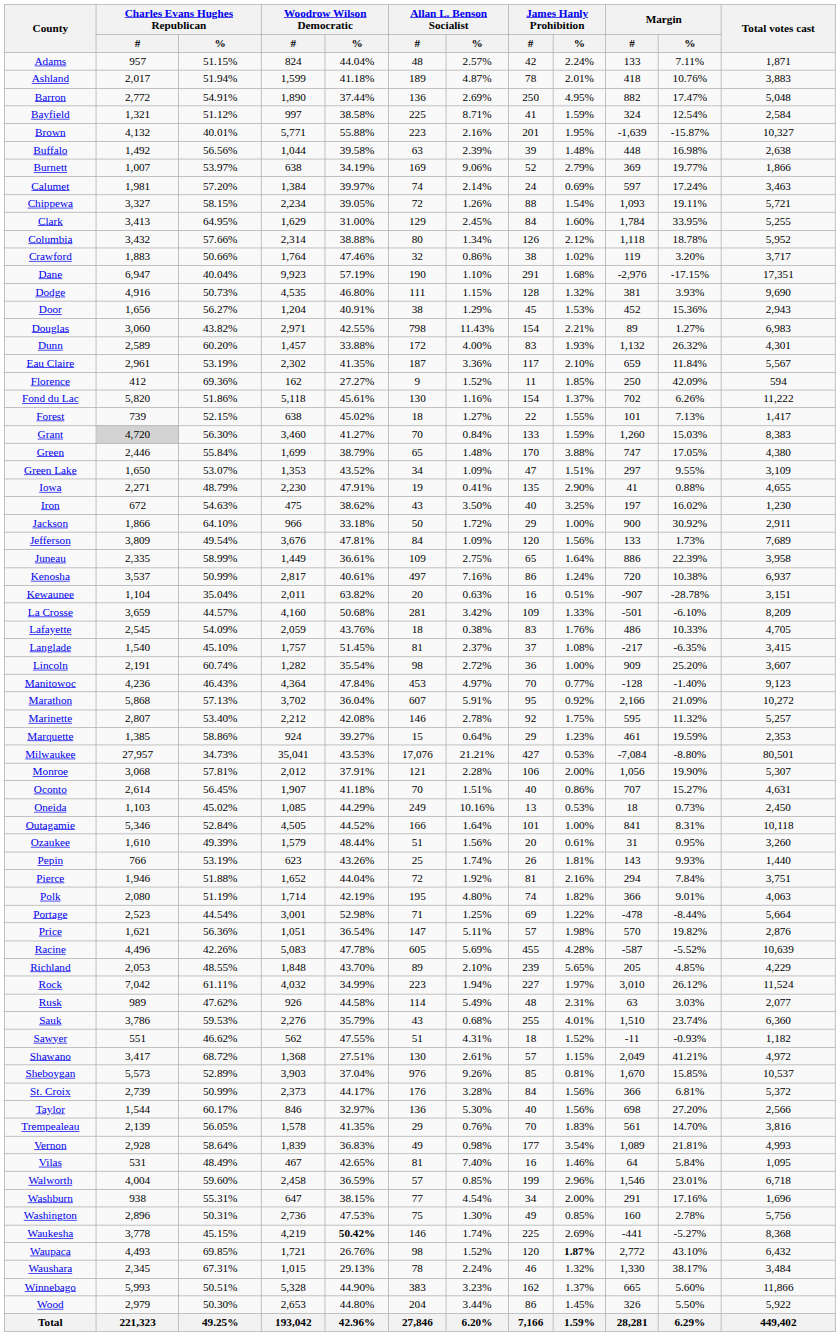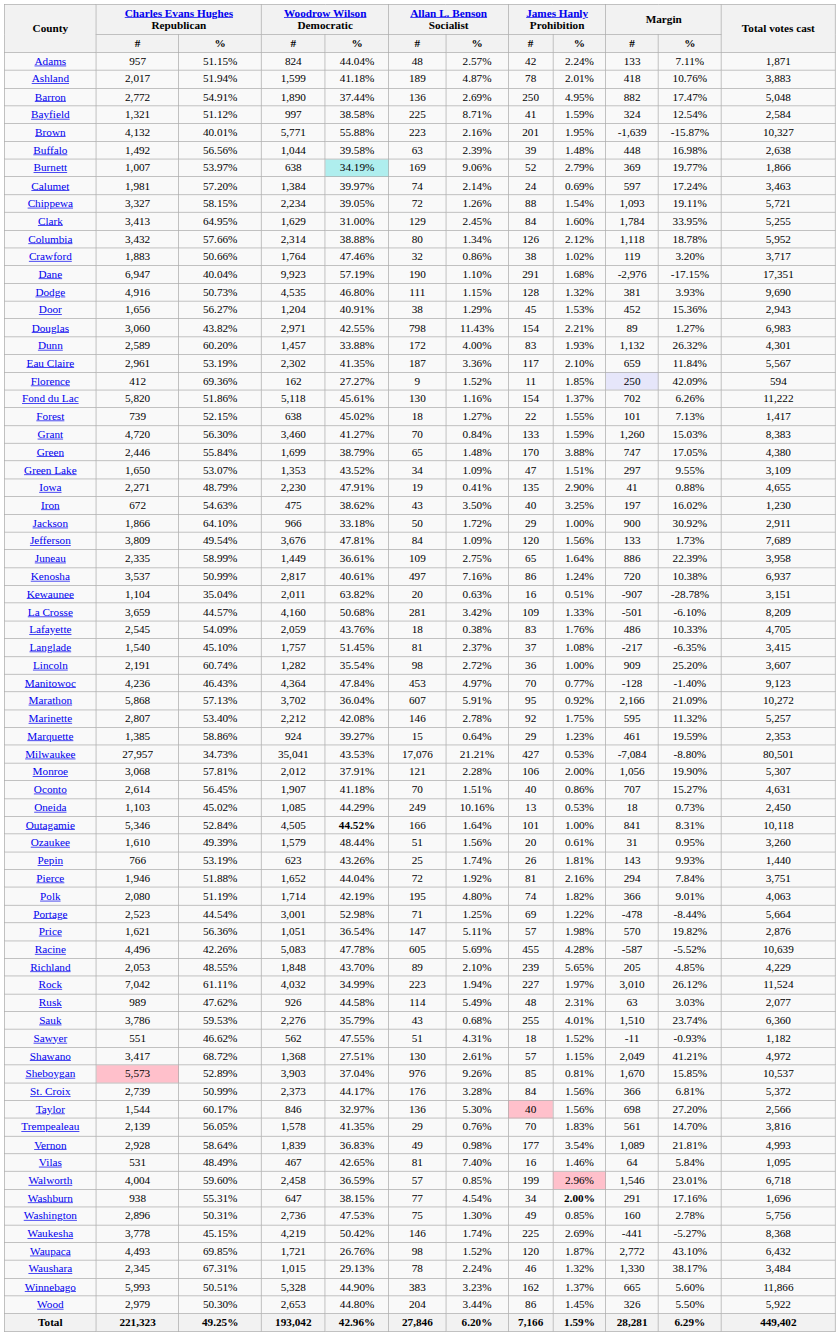 <table width="75%" class="wikitable sortable" style="text-align:center">
 <tr>
 <th rowspan="2" style="text-align:center;">County</th>
 <th colspan="2" style="text-align:center;"><a href='#'>Charles Evans Hughes</a><br>Republican</th>
 <th colspan="2" style="text-align:center;"><a href='#'>Woodrow Wilson</a><br>Democratic</th>
 <th colspan="2" style="text-align:center;"><a href='#'>Allan L. Benson</a><br>Socialist</th>
 <th colspan="2" style="text-align:center;"><a href='#'>James Hanly</a><br>Prohibition</th>
 <th colspan="2" style="text-align:center;">Margin</th>
 <th rowspan="2" style="text-align:center;">Total votes cast</th>
 </tr>
 <tr>
 <th style="text-align:center;" data-sort-type="number">#</th>
 <th style="text-align:center;" data-sort-type="number">%</th>
 <th style="text-align:center;" data-sort-type="number">#</th>
 <th style="text-align:center;" data-sort-type="number">%</th>
 <th style="text-align:center;" data-sort-type="number">#</th>
 <th style="text-align:center;" data-sort-type="number">%</th>
 <th style="text-align:center;" data-sort-type="number">#</th>
 <th style="text-align:center;" data-sort-type="number">%</th>
 <th style="text-align:center;" data-sort-type="number">#</th>
 <th style="text-align:center;" data-sort-type="number">%</th>
 </tr>
 <tr style="text-align:center;">
 <td><a href='#'>Adams</a></td>
 <td>957</td>
 <td>51.15%</td>
 <td>824</td>
 <td>44.04%</td>
 <td>48</td>
 <td>2.57%</td>
 <td>42</td>
 <td>2.24%</td>
 <td>133</td>
 <td>7.11%</td>
 <td>1,871</td>
 </tr>
 <tr style="text-align:center;">
 <td><a href='#'>Ashland</a></td>
 <td>2,017</td>
 <td>51.94%</td>
 <td>1,599</td>
 <td>41.18%</td>
 <td>189</td>
 <td>4.87%</td>
 <td>78</td>
 <td>2.01%</td>
 <td>418</td>
 <td>10.76%</td>
 <td>3,883</td>
 </tr>
 <tr style="text-align:center;">
 <td><a href='#'>Barron</a></td>
 <td>2,772</td>
 <td>54.91%</td>
 <td>1,890</td>
 <td>37.44%</td>
 <td>136</td>
 <td>2.69%</td>
 <td>250</td>
 <td>4.95%</td>
 <td>882</td>
 <td>17.47%</td>
 <td>5,048</td>
 </tr>
 <tr style="text-align:center;">
 <td><a href='#'>Bayfield</a></td>
 <td>1,321</td>
 <td>51.12%</td>
 <td>997</td>
 <td>38.58%</td>
 <td>225</td>
 <td>8.71%</td>
 <td>41</td>
 <td>1.59%</td>
 <td>324</td>
 <td>12.54%</td>
 <td>2,584</td>
 </tr>
 <tr style="text-align:center;">
 <td><a href='#'>Brown</a></td>
 <td>4,132</td>
 <td>40.01%</td>
 <td>5,771</td>
 <td>55.88%</td>
 <td>223</td>
 <td>2.16%</td>
 <td>201</td>
 <td>1.95%</td>
 <td>-1,639</td>
 <td>-15.87%</td>
 <td>10,327</td>
 </tr>
 <tr style="text-align:center;">
 <td><a href='#'>Buffalo</a></td>
 <td>1,492</td>
 <td>56.56%</td>
 <td>1,044</td>
 <td>39.58%</td>
 <td>63</td>
 <td>2.39%</td>
 <td>39</td>
 <td>1.48%</td>
 <td>448</td>
 <td>16.98%</td>
 <td>2,638</td>
 </tr>
 <tr style="text-align:center;">
 <td><a href='#'>Burnett</a></td>
 <td>1,007</td>
 <td>53.97%</td>
 <td>638</td>
-<td>34.19%</td>
+<td style="background: paleturquoise;">34.19%</td>
 <td>169</td>
 <td>9.06%</td>
 <td>52</td>
 <td>2.79%</td>
 <td>369</td>
 <td>19.77%</td>
 <td>1,866</td>
 </tr>
 <tr style="text-align:center;">
 <td><a href='#'>Calumet</a></td>
 <td>1,981</td>
 <td>57.20%</td>
 <td>1,384</td>
 <td>39.97%</td>
 <td>74</td>
 <td>2.14%</td>
 <td>24</td>
 <td>0.69%</td>
 <td>597</td>
 <td>17.24%</td>
 <td>3,463</td>
 </tr>
 <tr style="text-align:center;">
 <td><a href='#'>Chippewa</a></td>
 <td>3,327</td>
 <td>58.15%</td>
 <td>2,234</td>
 <td>39.05%</td>
 <td>72</td>
 <td>1.26%</td>
 <td>88</td>
 <td>1.54%</td>
 <td>1,093</td>
 <td>19.11%</td>
 <td>5,721</td>
 </tr>
 <tr style="text-align:center;">
 <td><a href='#'>Clark</a></td>
 <td>3,413</td>
 <td>64.95%</td>
 <td>1,629</td>
 <td>31.00%</td>
 <td>129</td>
 <td>2.45%</td>
 <td>84</td>
 <td>1.60%</td>
 <td>1,784</td>
 <td>33.95%</td>
 <td>5,255</td>
 </tr>
 <tr style="text-align:center;">
 <td><a href='#'>Columbia</a></td>
 <td>3,432</td>
 <td>57.66%</td>
 <td>2,314</td>
 <td>38.88%</td>
 <td>80</td>
 <td>1.34%</td>
 <td>126</td>
 <td>2.12%</td>
 <td>1,118</td>
 <td>18.78%</td>
 <td>5,952</td>
 </tr>
 <tr style="text-align:center;">
 <td><a href='#'>Crawford</a></td>
 <td>1,883</td>
 <td>50.66%</td>
 <td>1,764</td>
 <td>47.46%</td>
 <td>32</td>
 <td>0.86%</td>
 <td>38</td>
 <td>1.02%</td>
 <td>119</td>
 <td>3.20%</td>
 <td>3,717</td>
 </tr>
 <tr style="text-align:center;">
 <td><a href='#'>Dane</a></td>
 <td>6,947</td>
 <td>40.04%</td>
 <td>9,923</td>
 <td>57.19%</td>
 <td>190</td>
 <td>1.10%</td>
 <td>291</td>
 <td>1.68%</td>
 <td>-2,976</td>
 <td>-17.15%</td>
 <td>17,351</td>
 </tr>
 <tr style="text-align:center;">
 <td><a href='#'>Dodge</a></td>
 <td>4,916</td>
 <td>50.73%</td>
 <td>4,535</td>
 <td>46.80%</td>
 <td>111</td>
 <td>1.15%</td>
 <td>128</td>
 <td>1.32%</td>
 <td>381</td>
 <td>3.93%</td>
 <td>9,690</td>
 </tr>
 <tr style="text-align:center;">
 <td><a href='#'>Door</a></td>
 <td>1,656</td>
 <td>56.27%</td>
 <td>1,204</td>
 <td>40.91%</td>
 <td>38</td>
 <td>1.29%</td>
 <td>45</td>
 <td>1.53%</td>
 <td>452</td>
 <td>15.36%</td>
 <td>2,943</td>
 </tr>
 <tr style="text-align:center;">
 <td><a href='#'>Douglas</a></td>
 <td>3,060</td>
 <td>43.82%</td>
 <td>2,971</td>
 <td>42.55%</td>
 <td>798</td>
 <td>11.43%</td>
 <td>154</td>
 <td>2.21%</td>
 <td>89</td>
 <td>1.27%</td>
 <td>6,983</td>
 </tr>
 <tr style="text-align:center;">
 <td><a href='#'>Dunn</a></td>
 <td>2,589</td>
 <td>60.20%</td>
 <td>1,457</td>
 <td>33.88%</td>
 <td>172</td>
 <td>4.00%</td>
 <td>83</td>
 <td>1.93%</td>
 <td>1,132</td>
 <td>26.32%</td>
 <td>4,301</td>
 </tr>
 <tr style="text-align:center;">
 <td><a href='#'>Eau Claire</a></td>
 <td>2,961</td>
 <td>53.19%</td>
 <td>2,302</td>
 <td>41.35%</td>
 <td>187</td>
 <td>3.36%</td>
 <td>117</td>
 <td>2.10%</td>
 <td>659</td>
 <td>11.84%</td>
 <td>5,567</td>
 </tr>
 <tr style="text-align:center;">
 <td><a href='#'>Florence</a></td>
 <td>412</td>
 <td>69.36%</td>
 <td>162</td>
 <td>27.27%</td>
 <td>9</td>
 <td>1.52%</td>
 <td>11</td>
 <td>1.85%</td>
-<td>250</td>
+<td style="background: lavender;">250</td>
 <td>42.09%</td>
 <td>594</td>
 </tr>
 <tr style="text-align:center;">
 <td><a href='#'>Fond du Lac</a></td>
 <td>5,820</td>
 <td>51.86%</td>
 <td>5,118</td>
 <td>45.61%</td>
 <td>130</td>
 <td>1.16%</td>
 <td>154</td>
 <td>1.37%</td>
 <td>702</td>
 <td>6.26%</td>
 <td>11,222</td>
 </tr>
 <tr style="text-align:center;">
 <td><a href='#'>Forest</a></td>
 <td>739</td>
 <td>52.15%</td>
 <td>638</td>
 <td>45.02%</td>
 <td>18</td>
 <td>1.27%</td>
 <td>22</td>
 <td>1.55%</td>
 <td>101</td>
 <td>7.13%</td>
 <td>1,417</td>
 </tr>
 <tr style="text-align:center;">
 <td><a href='#'>Grant</a></td>
-<td style="background: lightgrey;">4,720</td>
+<td>4,720</td>
 <td>56.30%</td>
 <td>3,460</td>
 <td>41.27%</td>
 <td>70</td>
 <td>0.84%</td>
 <td>133</td>
 <td>1.59%</td>
 <td>1,260</td>
 <td>15.03%</td>
 <td>8,383</td>
 </tr>
 <tr style="text-align:center;">
 <td><a href='#'>Green</a></td>
 <td>2,446</td>
 <td>55.84%</td>
 <td>1,699</td>
 <td>38.79%</td>
 <td>65</td>
 <td>1.48%</td>
 <td>170</td>
 <td>3.88%</td>
 <td>747</td>
 <td>17.05%</td>
 <td>4,380</td>
 </tr>
 <tr style="text-align:center;">
 <td><a href='#'>Green Lake</a></td>
 <td>1,650</td>
 <td>53.07%</td>
 <td>1,353</td>
 <td>43.52%</td>
 <td>34</td>
 <td>1.09%</td>
 <td>47</td>
 <td>1.51%</td>
 <td>297</td>
 <td>9.55%</td>
 <td>3,109</td>
 </tr>
 <tr style="text-align:center;">
 <td><a href='#'>Iowa</a></td>
 <td>2,271</td>
 <td>48.79%</td>
 <td>2,230</td>
 <td>47.91%</td>
 <td>19</td>
 <td>0.41%</td>
 <td>135</td>
 <td>2.90%</td>
 <td>41</td>
 <td>0.88%</td>
 <td>4,655</td>
 </tr>
 <tr style="text-align:center;">
 <td><a href='#'>Iron</a></td>
 <td>672</td>
 <td>54.63%</td>
 <td>475</td>
 <td>38.62%</td>
 <td>43</td>
 <td>3.50%</td>
 <td>40</td>
 <td>3.25%</td>
 <td>197</td>
 <td>16.02%</td>
 <td>1,230</td>
 </tr>
 <tr style="text-align:center;">
 <td><a href='#'>Jackson</a></td>
 <td>1,866</td>
 <td>64.10%</td>
 <td>966</td>
 <td>33.18%</td>
 <td>50</td>
 <td>1.72%</td>
 <td>29</td>
 <td>1.00%</td>
 <td>900</td>
 <td>30.92%</td>
 <td>2,911</td>
 </tr>
 <tr style="text-align:center;">
 <td><a href='#'>Jefferson</a></td>
 <td>3,809</td>
 <td>49.54%</td>
 <td>3,676</td>
 <td>47.81%</td>
 <td>84</td>
 <td>1.09%</td>
 <td>120</td>
 <td>1.56%</td>
 <td>133</td>
 <td>1.73%</td>
 <td>7,689</td>
 </tr>
 <tr style="text-align:center;">
 <td><a href='#'>Juneau</a></td>
 <td>2,335</td>
 <td>58.99%</td>
 <td>1,449</td>
 <td>36.61%</td>
 <td>109</td>
 <td>2.75%</td>
 <td>65</td>
 <td>1.64%</td>
 <td>886</td>
 <td>22.39%</td>
 <td>3,958</td>
 </tr>
 <tr style="text-align:center;">
 <td><a href='#'>Kenosha</a></td>
 <td>3,537</td>
 <td>50.99%</td>
 <td>2,817</td>
 <td>40.61%</td>
 <td>497</td>
 <td>7.16%</td>
 <td>86</td>
 <td>1.24%</td>
 <td>720</td>
 <td>10.38%</td>
 <td>6,937</td>
 </tr>
 <tr style="text-align:center;">
 <td><a href='#'>Kewaunee</a></td>
 <td>1,104</td>
 <td>35.04%</td>
 <td>2,011</td>
 <td>63.82%</td>
 <td>20</td>
 <td>0.63%</td>
 <td>16</td>
 <td>0.51%</td>
 <td>-907</td>
 <td>-28.78%</td>
 <td>3,151</td>
 </tr>
 <tr style="text-align:center;">
 <td><a href='#'>La Crosse</a></td>
 <td>3,659</td>
 <td>44.57%</td>
 <td>4,160</td>
 <td>50.68%</td>
 <td>281</td>
 <td>3.42%</td>
 <td>109</td>
 <td>1.33%</td>
 <td>-501</td>
 <td>-6.10%</td>
 <td>8,209</td>
 </tr>
 <tr style="text-align:center;">
 <td><a href='#'>Lafayette</a></td>
 <td>2,545</td>
 <td>54.09%</td>
 <td>2,059</td>
 <td>43.76%</td>
 <td>18</td>
 <td>0.38%</td>
 <td>83</td>
 <td>1.76%</td>
 <td>486</td>
 <td>10.33%</td>
 <td>4,705</td>
 </tr>
 <tr style="text-align:center;">
 <td><a href='#'>Langlade</a></td>
 <td>1,540</td>
 <td>45.10%</td>
 <td>1,757</td>
 <td>51.45%</td>
 <td>81</td>
 <td>2.37%</td>
 <td>37</td>
 <td>1.08%</td>
 <td>-217</td>
 <td>-6.35%</td>
 <td>3,415</td>
 </tr>
 <tr style="text-align:center;">
 <td><a href='#'>Lincoln</a></td>
 <td>2,191</td>
 <td>60.74%</td>
 <td>1,282</td>
 <td>35.54%</td>
 <td>98</td>
 <td>2.72%</td>
 <td>36</td>
 <td>1.00%</td>
 <td>909</td>
 <td>25.20%</td>
 <td>3,607</td>
 </tr>
 <tr style="text-align:center;">
 <td><a href='#'>Manitowoc</a></td>
 <td>4,236</td>
 <td>46.43%</td>
 <td>4,364</td>
 <td>47.84%</td>
 <td>453</td>
 <td>4.97%</td>
 <td>70</td>
 <td>0.77%</td>
 <td>-128</td>
 <td>-1.40%</td>
 <td>9,123</td>
 </tr>
 <tr style="text-align:center;">
 <td><a href='#'>Marathon</a></td>
 <td>5,868</td>
 <td>57.13%</td>
 <td>3,702</td>
 <td>36.04%</td>
 <td>607</td>
 <td>5.91%</td>
 <td>95</td>
 <td>0.92%</td>
 <td>2,166</td>
 <td>21.09%</td>
 <td>10,272</td>
 </tr>
 <tr style="text-align:center;">
 <td><a href='#'>Marinette</a></td>
 <td>2,807</td>
 <td>53.40%</td>
 <td>2,212</td>
 <td>42.08%</td>
 <td>146</td>
 <td>2.78%</td>
 <td>92</td>
 <td>1.75%</td>
 <td>595</td>
 <td>11.32%</td>
 <td>5,257</td>
 </tr>
 <tr style="text-align:center;">
 <td><a href='#'>Marquette</a></td>
 <td>1,385</td>
 <td>58.86%</td>
 <td>924</td>
 <td>39.27%</td>
 <td>15</td>
 <td>0.64%</td>
 <td>29</td>
 <td>1.23%</td>
 <td>461</td>
 <td>19.59%</td>
 <td>2,353</td>
 </tr>
 <tr style="text-align:center;">
 <td><a href='#'>Milwaukee</a></td>
 <td>27,957</td>
 <td>34.73%</td>
 <td>35,041</td>
 <td>43.53%</td>
 <td>17,076</td>
 <td>21.21%</td>
 <td>427</td>
 <td>0.53%</td>
 <td>-7,084</td>
 <td>-8.80%</td>
 <td>80,501</td>
 </tr>
 <tr style="text-align:center;">
 <td><a href='#'>Monroe</a></td>
 <td>3,068</td>
 <td>57.81%</td>
 <td>2,012</td>
 <td>37.91%</td>
 <td>121</td>
 <td>2.28%</td>
 <td>106</td>
 <td>2.00%</td>
 <td>1,056</td>
 <td>19.90%</td>
 <td>5,307</td>
 </tr>
 <tr style="text-align:center;">
 <td><a href='#'>Oconto</a></td>
 <td>2,614</td>
 <td>56.45%</td>
 <td>1,907</td>
 <td>41.18%</td>
 <td>70</td>
 <td>1.51%</td>
 <td>40</td>
 <td>0.86%</td>
 <td>707</td>
 <td>15.27%</td>
 <td>4,631</td>
 </tr>
 <tr style="text-align:center;">
 <td><a href='#'>Oneida</a></td>
 <td>1,103</td>
 <td>45.02%</td>
 <td>1,085</td>
 <td>44.29%</td>
 <td>249</td>
 <td>10.16%</td>
 <td>13</td>
 <td>0.53%</td>
 <td>18</td>
 <td>0.73%</td>
 <td>2,450</td>
 </tr>
 <tr style="text-align:center;">
 <td><a href='#'>Outagamie</a></td>
 <td>5,346</td>
 <td>52.84%</td>
 <td>4,505</td>
-<td>44.52%</td>
+<td><strong>44.52%</strong></td>
 <td>166</td>
 <td>1.64%</td>
 <td>101</td>
 <td>1.00%</td>
 <td>841</td>
 <td>8.31%</td>
 <td>10,118</td>
 </tr>
 <tr style="text-align:center;">
 <td><a href='#'>Ozaukee</a></td>
 <td>1,610</td>
 <td>49.39%</td>
 <td>1,579</td>
 <td>48.44%</td>
 <td>51</td>
 <td>1.56%</td>
 <td>20</td>
 <td>0.61%</td>
 <td>31</td>
 <td>0.95%</td>
 <td>3,260</td>
 </tr>
 <tr style="text-align:center;">
 <td><a href='#'>Pepin</a></td>
 <td>766</td>
 <td>53.19%</td>
 <td>623</td>
 <td>43.26%</td>
 <td>25</td>
 <td>1.74%</td>
 <td>26</td>
 <td>1.81%</td>
 <td>143</td>
 <td>9.93%</td>
 <td>1,440</td>
 </tr>
 <tr style="text-align:center;">
 <td><a href='#'>Pierce</a></td>
 <td>1,946</td>
 <td>51.88%</td>
 <td>1,652</td>
 <td>44.04%</td>
 <td>72</td>
 <td>1.92%</td>
 <td>81</td>
 <td>2.16%</td>
 <td>294</td>
 <td>7.84%</td>
 <td>3,751</td>
 </tr>
 <tr style="text-align:center;">
 <td><a href='#'>Polk</a></td>
 <td>2,080</td>
 <td>51.19%</td>
 <td>1,714</td>
 <td>42.19%</td>
 <td>195</td>
 <td>4.80%</td>
 <td>74</td>
 <td>1.82%</td>
 <td>366</td>
 <td>9.01%</td>
 <td>4,063</td>
 </tr>
 <tr style="text-align:center;">
 <td><a href='#'>Portage</a></td>
 <td>2,523</td>
 <td>44.54%</td>
 <td>3,001</td>
 <td>52.98%</td>
 <td>71</td>
 <td>1.25%</td>
 <td>69</td>
 <td>1.22%</td>
 <td>-478</td>
 <td>-8.44%</td>
 <td>5,664</td>
 </tr>
 <tr style="text-align:center;">
 <td><a href='#'>Price</a></td>
 <td>1,621</td>
 <td>56.36%</td>
 <td>1,051</td>
 <td>36.54%</td>
 <td>147</td>
 <td>5.11%</td>
 <td>57</td>
 <td>1.98%</td>
 <td>570</td>
 <td>19.82%</td>
 <td>2,876</td>
 </tr>
 <tr style="text-align:center;">
 <td><a href='#'>Racine</a></td>
 <td>4,496</td>
 <td>42.26%</td>
 <td>5,083</td>
 <td>47.78%</td>
 <td>605</td>
 <td>5.69%</td>
 <td>455</td>
 <td>4.28%</td>
 <td>-587</td>
 <td>-5.52%</td>
 <td>10,639</td>
 </tr>
 <tr style="text-align:center;">
 <td><a href='#'>Richland</a></td>
 <td>2,053</td>
 <td>48.55%</td>
 <td>1,848</td>
 <td>43.70%</td>
 <td>89</td>
 <td>2.10%</td>
 <td>239</td>
 <td>5.65%</td>
 <td>205</td>
 <td>4.85%</td>
 <td>4,229</td>
 </tr>
 <tr style="text-align:center;">
 <td><a href='#'>Rock</a></td>
 <td>7,042</td>
 <td>61.11%</td>
 <td>4,032</td>
 <td>34.99%</td>
 <td>223</td>
 <td>1.94%</td>
 <td>227</td>
 <td>1.97%</td>
 <td>3,010</td>
 <td>26.12%</td>
 <td>11,524</td>
 </tr>
 <tr style="text-align:center;">
 <td><a href='#'>Rusk</a></td>
 <td>989</td>
 <td>47.62%</td>
 <td>926</td>
 <td>44.58%</td>
 <td>114</td>
 <td>5.49%</td>
 <td>48</td>
 <td>2.31%</td>
 <td>63</td>
 <td>3.03%</td>
 <td>2,077</td>
 </tr>
 <tr style="text-align:center;">
 <td><a href='#'>Sauk</a></td>
 <td>3,786</td>
 <td>59.53%</td>
 <td>2,276</td>
 <td>35.79%</td>
 <td>43</td>
 <td>0.68%</td>
 <td>255</td>
 <td>4.01%</td>
 <td>1,510</td>
 <td>23.74%</td>
 <td>6,360</td>
 </tr>
 <tr style="text-align:center;">
 <td><a href='#'>Sawyer</a></td>
 <td>551</td>
 <td>46.62%</td>
 <td>562</td>
 <td>47.55%</td>
 <td>51</td>
 <td>4.31%</td>
 <td>18</td>
 <td>1.52%</td>
 <td>-11</td>
 <td>-0.93%</td>
 <td>1,182</td>
 </tr>
 <tr style="text-align:center;">
 <td><a href='#'>Shawano</a></td>
 <td>3,417</td>
 <td>68.72%</td>
 <td>1,368</td>
 <td>27.51%</td>
 <td>130</td>
 <td>2.61%</td>
 <td>57</td>
 <td>1.15%</td>
 <td>2,049</td>
 <td>41.21%</td>
 <td>4,972</td>
 </tr>
 <tr style="text-align:center;">
 <td><a href='#'>Sheboygan</a></td>
-<td>5,573</td>
+<td style="background: pink;">5,573</td>
 <td>52.89%</td>
 <td>3,903</td>
 <td>37.04%</td>
 <td>976</td>
 <td>9.26%</td>
 <td>85</td>
 <td>0.81%</td>
 <td>1,670</td>
 <td>15.85%</td>
 <td>10,537</td>
 </tr>
 <tr style="text-align:center;">
 <td><a href='#'>St. Croix</a></td>
 <td>2,739</td>
 <td>50.99%</td>
 <td>2,373</td>
 <td>44.17%</td>
 <td>176</td>
 <td>3.28%</td>
 <td>84</td>
 <td>1.56%</td>
 <td>366</td>
 <td>6.81%</td>
 <td>5,372</td>
 </tr>
 <tr style="text-align:center;">
 <td><a href='#'>Taylor</a></td>
 <td>1,544</td>
 <td>60.17%</td>
 <td>846</td>
 <td>32.97%</td>
 <td>136</td>
 <td>5.30%</td>
-<td>40</td>
+<td style="background: pink;">40</td>
 <td>1.56%</td>
 <td>698</td>
 <td>27.20%</td>
 <td>2,566</td>
 </tr>
 <tr style="text-align:center;">
 <td><a href='#'>Trempealeau</a></td>
 <td>2,139</td>
 <td>56.05%</td>
 <td>1,578</td>
 <td>41.35%</td>
 <td>29</td>
 <td>0.76%</td>
 <td>70</td>
 <td>1.83%</td>
 <td>561</td>
 <td>14.70%</td>
 <td>3,816</td>
 </tr>
 <tr style="text-align:center;">
 <td><a href='#'>Vernon</a></td>
 <td>2,928</td>
 <td>58.64%</td>
 <td>1,839</td>
 <td>36.83%</td>
 <td>49</td>
 <td>0.98%</td>
 <td>177</td>
 <td>3.54%</td>
 <td>1,089</td>
 <td>21.81%</td>
 <td>4,993</td>
 </tr>
 <tr style="text-align:center;">
 <td><a href='#'>Vilas</a></td>
 <td>531</td>
 <td>48.49%</td>
 <td>467</td>
 <td>42.65%</td>
 <td>81</td>
 <td>7.40%</td>
 <td>16</td>
 <td>1.46%</td>
 <td>64</td>
 <td>5.84%</td>
 <td>1,095</td>
 </tr>
 <tr style="text-align:center;">
 <td><a href='#'>Walworth</a></td>
 <td>4,004</td>
 <td>59.60%</td>
 <td>2,458</td>
 <td>36.59%</td>
 <td>57</td>
 <td>0.85%</td>
 <td>199</td>
-<td>2.96%</td>
+<td style="background: pink;">2.96%</td>
 <td>1,546</td>
 <td>23.01%</td>
 <td>6,718</td>
 </tr>
 <tr style="text-align:center;">
 <td><a href='#'>Washburn</a></td>
 <td>938</td>
 <td>55.31%</td>
 <td>647</td>
 <td>38.15%</td>
 <td>77</td>
 <td>4.54%</td>
 <td>34</td>
-<td>2.00%</td>
+<td><strong>2.00%</strong></td>
 <td>291</td>
 <td>17.16%</td>
 <td>1,696</td>
 </tr>
 <tr style="text-align:center;">
 <td><a href='#'>Washington</a></td>
 <td>2,896</td>
 <td>50.31%</td>
 <td>2,736</td>
 <td>47.53%</td>
 <td>75</td>
 <td>1.30%</td>
 <td>49</td>
 <td>0.85%</td>
 <td>160</td>
 <td>2.78%</td>
 <td>5,756</td>
 </tr>
 <tr style="text-align:center;">
 <td><a href='#'>Waukesha</a></td>
 <td>3,778</td>
 <td>45.15%</td>
 <td>4,219</td>
-<td><strong>50.42%</strong></td>
+<td>50.42%</td>
 <td>146</td>
 <td>1.74%</td>
 <td>225</td>
 <td>2.69%</td>
 <td>-441</td>
 <td>-5.27%</td>
 <td>8,368</td>
 </tr>
 <tr style="text-align:center;">
 <td><a href='#'>Waupaca</a></td>
 <td>4,493</td>
 <td>69.85%</td>
 <td>1,721</td>
 <td>26.76%</td>
 <td>98</td>
 <td>1.52%</td>
 <td>120</td>
-<td><strong>1.87%</strong></td>
+<td>1.87%</td>
 <td>2,772</td>
 <td>43.10%</td>
 <td>6,432</td>
 </tr>
 <tr style="text-align:center;">
 <td><a href='#'>Waushara</a></td>
 <td>2,345</td>
 <td>67.31%</td>
 <td>1,015</td>
 <td>29.13%</td>
 <td>78</td>
 <td>2.24%</td>
 <td>46</td>
 <td>1.32%</td>
 <td>1,330</td>
 <td>38.17%</td>
 <td>3,484</td>
 </tr>
 <tr style="text-align:center;">
 <td><a href='#'>Winnebago</a></td>
 <td>5,993</td>
 <td>50.51%</td>
 <td>5,328</td>
 <td>44.90%</td>
 <td>383</td>
 <td>3.23%</td>
 <td>162</td>
 <td>1.37%</td>
 <td>665</td>
 <td>5.60%</td>
 <td>11,866</td>
 </tr>
 <tr style="text-align:center;">
 <td><a href='#'>Wood</a></td>
 <td>2,979</td>
 <td>50.30%</td>
 <td>2,653</td>
 <td>44.80%</td>
 <td>204</td>
 <td>3.44%</td>
 <td>86</td>
 <td>1.45%</td>
 <td>326</td>
 <td>5.50%</td>
 <td>5,922</td>
 </tr>
 <tr>
 <th>Total</th>
 <th>221,323</th>
 <th>49.25%</th>
 <th>193,042</th>
 <th>42.96%</th>
 <th>27,846</th>
 <th>6.20%</th>
 <th>7,166</th>
 <th>1.59%</th>
 <th>28,281</th>
 <th>6.29%</th>
 <th>449,402</th>
 </tr>
 </table>
